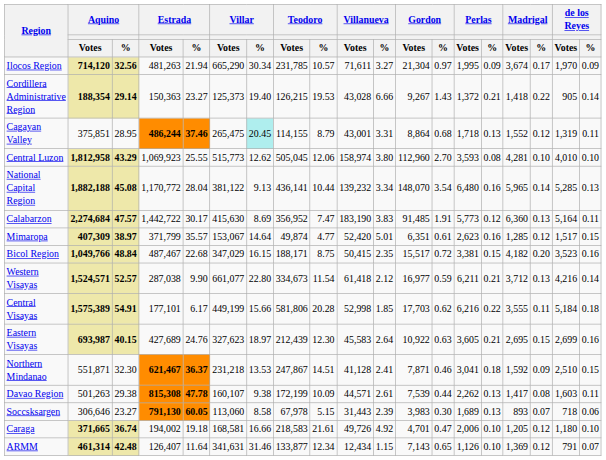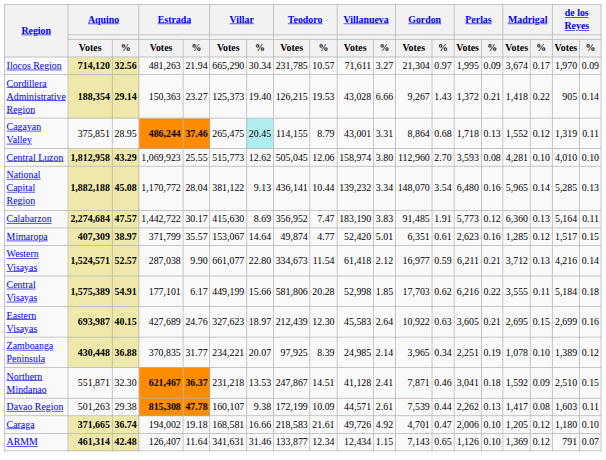 <table class="wikitable sortable collapsible collapsed" style="text-align:right; font-size:95%; line-height:20px;">
 <tr>
 <th width="200" rowspan="3"><a href='#'>Region</a></th>
 <th width="110" colspan="2"><a href='#'>Aquino</a></th>
 <th width="110" colspan="2"><a href='#'>Estrada</a></th>
 <th width="110" colspan="2"><a href='#'>Villar</a></th>
 <th width="110" colspan="2"><a href='#'>Teodoro</a></th>
 <th width="110" colspan="2"><a href='#'>Villanueva</a></th>
 <th width="110" colspan="2"><a href='#'>Gordon</a></th>
 <th width="110" colspan="2"><a href='#'>Perlas</a></th>
 <th width="110" colspan="2"><a href='#'>Madrigal</a></th>
 <th width="110" colspan="2"><a href='#'>de los Reyes</a></th>
 </tr>
 <tr>
 <th colspan="2" style="background:"></th>
 <th colspan="2" style="background:"></th>
 <th colspan="2" style="background:"></th>
 <th colspan="2" style="background:"></th>
 <th colspan="2" style="background:"></th>
 <th colspan="2" style="background:"></th>
 <th colspan="2" style="background:"></th>
 <th colspan="2" style="background:"></th>
 <th colspan="2" style="background:"></th>
 </tr>
 <tr>
 <th>Votes</th>
 <th>%</th>
 <th>Votes</th>
 <th>%</th>
 <th>Votes</th>
 <th>%</th>
 <th>Votes</th>
 <th>%</th>
 <th>Votes</th>
 <th>%</th>
 <th>Votes</th>
 <th>%</th>
 <th>Votes</th>
 <th>%</th>
 <th>Votes</th>
 <th>%</th>
 <th>Votes</th>
 <th>%</th>
 </tr>
 <tr>
 <td align="left"><a href='#'>Ilocos Region</a></td>
 <td style="background:#EEE8AA;"><strong>714,120</strong></td>
 <td style="background:#EEE8AA;"><strong>32.56</strong></td>
 <td>481,263</td>
 <td>21.94</td>
 <td>665,290</td>
 <td>30.34</td>
 <td>231,785</td>
 <td>10.57</td>
 <td>71,611</td>
 <td>3.27</td>
 <td>21,304</td>
 <td>0.97</td>
 <td>1,995</td>
 <td>0.09</td>
 <td>3,674</td>
 <td>0.17</td>
 <td>1,970</td>
 <td>0.09</td>
 </tr>
 <tr>
 <td align="left"><a href='#'>Cordillera Administrative Region</a></td>
 <td style="background:#EEE8AA;"><strong>188,354</strong></td>
 <td style="background:#EEE8AA;"><strong>29.14</strong></td>
 <td>150,363</td>
 <td>23.27</td>
 <td>125,373</td>
 <td>19.40</td>
 <td>126,215</td>
 <td>19.53</td>
 <td>43,028</td>
 <td>6.66</td>
 <td>9,267</td>
 <td>1.43</td>
 <td>1,372</td>
 <td>0.21</td>
 <td>1,418</td>
 <td>0.22</td>
 <td>905</td>
 <td>0.14</td>
 </tr>
 <tr>
 <td align="left"><a href='#'>Cagayan Valley</a></td>
 <td>375,851</td>
 <td>28.95</td>
 <td style="background:#FF8C00;"><strong>486,244</strong></td>
 <td style="background:#FF8C00;"><strong>37.46</strong></td>
 <td>265,475</td>
 <td style="background: paleturquoise;">20.45</td>
 <td>114,155</td>
 <td>8.79</td>
 <td>43,001</td>
 <td>3.31</td>
 <td>8,864</td>
 <td>0.68</td>
 <td>1,718</td>
 <td>0.13</td>
 <td>1,552</td>
 <td>0.12</td>
 <td>1,319</td>
 <td>0.11</td>
 </tr>
 <tr>
 <td align="left"><a href='#'>Central Luzon</a></td>
 <td style="background:#EEE8AA;"><strong>1,812,958</strong></td>
 <td style="background:#EEE8AA;"><strong>43.29</strong></td>
 <td>1,069,923</td>
 <td>25.55</td>
 <td>515,773</td>
 <td>12.62</td>
 <td>505,045</td>
 <td>12.06</td>
 <td>158,974</td>
 <td>3.80</td>
 <td>112,960</td>
 <td>2.70</td>
 <td>3,593</td>
 <td>0.08</td>
 <td>4,281</td>
 <td>0.10</td>
 <td>4,010</td>
 <td>0.10</td>
 </tr>
 <tr>
 <td align="left"><a href='#'>National Capital Region</a></td>
 <td style="background:#EEE8AA;"><strong>1,882,188</strong></td>
 <td style="background:#EEE8AA;"><strong>45.08</strong></td>
 <td>1,170,772</td>
 <td>28.04</td>
 <td>381,122</td>
 <td>9.13</td>
 <td>436,141</td>
 <td>10.44</td>
 <td>139,232</td>
 <td>3.34</td>
 <td>148,070</td>
 <td>3.54</td>
 <td>6,480</td>
 <td>0.16</td>
 <td>5,965</td>
 <td>0.14</td>
 <td>5,285</td>
 <td>0.13</td>
 </tr>
 <tr>
 <td align="left"><a href='#'>Calabarzon</a></td>
 <td style="background:#EEE8AA;"><strong>2,274,684</strong></td>
 <td style="background:#EEE8AA;"><strong>47.57</strong></td>
 <td>1,442,722</td>
 <td>30.17</td>
 <td>415,630</td>
 <td>8.69</td>
 <td>356,952</td>
 <td>7.47</td>
 <td>183,190</td>
 <td>3.83</td>
 <td>91,485</td>
 <td>1.91</td>
 <td>5,773</td>
 <td>0.12</td>
 <td>6,360</td>
 <td>0.13</td>
 <td>5,164</td>
 <td>0.11</td>
 </tr>
 <tr>
 <td align="left"><a href='#'>Mimaropa</a></td>
 <td style="background:#EEE8AA;"><strong>407,309</strong></td>
 <td style="background:#EEE8AA;"><strong>38.97</strong></td>
 <td>371,799</td>
 <td>35.57</td>
 <td>153,067</td>
 <td>14.64</td>
 <td>49,874</td>
 <td>4.77</td>
 <td>52,420</td>
 <td>5.01</td>
 <td>6,351</td>
 <td>0.61</td>
 <td>2,623</td>
 <td>0.16</td>
 <td>1,285</td>
 <td>0.12</td>
 <td>1,517</td>
 <td>0.15</td>
 </tr>
 <tr>
-<td align="left"><a href='#'>Bicol Region</a></td>
-<td style="background:#EEE8AA;"><strong>1,049,766</strong></td>
-<td style="background:#EEE8AA;"><strong>48.84</strong></td>
-<td>487,467</td>
-<td>22.68</td>
-<td>347,029</td>
-<td>16.15</td>
-<td>188,171</td>
-<td>8.75</td>
-<td>50,415</td>
-<td>2.35</td>
-<td>15,517</td>
-<td>0.72</td>
-<td>3,381</td>
-<td>0.15</td>
-<td>4,182</td>
-<td>0.20</td>
-<td>3,523</td>
-<td>0.16</td>
-</tr>
-<tr>
 <td align="left"><a href='#'>Western Visayas</a></td>
 <td style="background:#EEE8AA;"><strong>1,524,571</strong></td>
 <td style="background:#EEE8AA;"><strong>52.57</strong></td>
 <td>287,038</td>
 <td>9.90</td>
 <td>661,077</td>
 <td>22.80</td>
 <td>334,673</td>
 <td>11.54</td>
 <td>61,418</td>
 <td>2.12</td>
 <td>16,977</td>
 <td>0.59</td>
 <td>6,211</td>
 <td>0.21</td>
 <td>3,712</td>
 <td>0.13</td>
 <td>4,216</td>
 <td>0.14</td>
 </tr>
 <tr>
 <td align="left"><a href='#'>Central Visayas</a></td>
 <td style="background:#EEE8AA;"><strong>1,575,389</strong></td>
 <td style="background:#EEE8AA;"><strong>54.91</strong></td>
 <td>177,101</td>
 <td>6.17</td>
 <td>449,199</td>
 <td>15.66</td>
 <td>581,806</td>
 <td>20.28</td>
 <td>52,998</td>
 <td>1.85</td>
 <td>17,703</td>
 <td>0.62</td>
 <td>6,216</td>
 <td>0.22</td>
 <td>3,555</td>
 <td>0.11</td>
 <td>5,184</td>
 <td>0.18</td>
 </tr>
 <tr>
 <td align="left"><a href='#'>Eastern Visayas</a></td>
 <td style="background:#EEE8AA;"><strong>693,987</strong></td>
 <td style="background:#EEE8AA;"><strong>40.15</strong></td>
 <td>427,689</td>
 <td>24.76</td>
 <td>327,623</td>
 <td>18.97</td>
 <td>212,439</td>
 <td>12.30</td>
 <td>45,583</td>
 <td>2.64</td>
 <td>10,922</td>
 <td>0.63</td>
 <td>3,605</td>
 <td>0.21</td>
 <td>2,695</td>
 <td>0.15</td>
 <td>2,699</td>
 <td>0.16</td>
 </tr>
 <tr>
+<td align="left"><a href='#'>Zamboanga Peninsula</a></td>
+<td style="background:#EEE8AA;"><strong>430,448</strong></td>
+<td style="background:#EEE8AA;"><strong>36.88</strong></td>
+<td>370,835</td>
+<td>31.77</td>
+<td>234,221</td>
+<td>20.07</td>
+<td>97,925</td>
+<td>8.39</td>
+<td>24,985</td>
+<td>2.14</td>
+<td>3,965</td>
+<td>0.34</td>
+<td>2,251</td>
+<td>0.19</td>
+<td>1,078</td>
+<td>0.10</td>
+<td>1,389</td>
+<td>0.12</td>
+</tr>
+<tr>
 <td align="left"><a href='#'>Northern Mindanao</a></td>
 <td>551,871</td>
 <td>32.30</td>
 <td style="background:#FF8C00;"><strong>621,467</strong></td>
 <td style="background:#FF8C00;"><strong>36.37</strong></td>
 <td>231,218</td>
 <td>13.53</td>
 <td>247,867</td>
 <td>14.51</td>
 <td>41,128</td>
 <td>2.41</td>
 <td>7,871</td>
 <td>0.46</td>
 <td>3,041</td>
 <td>0.18</td>
 <td>1,592</td>
 <td>0.09</td>
 <td>2,510</td>
 <td>0.15</td>
 </tr>
 <tr>
 <td align="left"><a href='#'>Davao Region</a></td>
 <td>501,263</td>
 <td>29.38</td>
 <td style="background:#FF8C00;"><strong>815,308</strong></td>
 <td style="background:#FF8C00;"><strong>47.78</strong></td>
 <td>160,107</td>
 <td>9.38</td>
 <td>172,199</td>
 <td>10.09</td>
 <td>44,571</td>
 <td>2.61</td>
 <td>7,539</td>
 <td>0.44</td>
 <td>2,262</td>
 <td>0.13</td>
 <td>1,417</td>
 <td>0.08</td>
 <td>1,603</td>
 <td>0.11</td>
-</tr>
-<tr>
-<td align="left"><a href='#'>Soccsksargen</a></td>
-<td>306,646</td>
-<td>23.27</td>
-<td style="background:#FF8C00;"><strong>791,130</strong></td>
-<td style="background:#FF8C00;"><strong>60.05</strong></td>
-<td>113,060</td>
-<td>8.58</td>
-<td>67,978</td>
-<td>5.15</td>
-<td>31,443</td>
-<td>2.39</td>
-<td>3,983</td>
-<td>0.30</td>
-<td>1,689</td>
-<td>0.13</td>
-<td>893</td>
-<td>0.07</td>
-<td>718</td>
-<td>0.06</td>
 </tr>
 <tr>
 <td align="left"><a href='#'>Caraga</a></td>
 <td style="background:#EEE8AA;"><strong>371,665</strong></td>
 <td style="background:#EEE8AA;"><strong>36.74</strong></td>
 <td>194,002</td>
 <td>19.18</td>
 <td>168,581</td>
 <td>16.66</td>
 <td>218,583</td>
 <td>21.61</td>
 <td>49,726</td>
 <td>4.92</td>
 <td>4,701</td>
 <td>0.47</td>
 <td>2,006</td>
 <td>0.10</td>
 <td>1,205</td>
 <td>0.12</td>
 <td>1,180</td>
 <td>0.10</td>
 </tr>
 <tr>
 <td align="left"><a href='#'>ARMM</a></td>
 <td style="background:#EEE8AA;"><strong>461,314</strong></td>
 <td style="background:#EEE8AA;"><strong>42.48</strong></td>
 <td>126,407</td>
 <td>11.64</td>
 <td>341,631</td>
 <td>31.46</td>
 <td>133,877</td>
 <td>12.34</td>
 <td>12,434</td>
 <td>1.15</td>
 <td>7,143</td>
 <td>0.65</td>
 <td>1,126</td>
 <td>0.10</td>
 <td>1,369</td>
 <td>0.12</td>
 <td>791</td>
 <td>0.07</td>
 </tr>
 </table>
